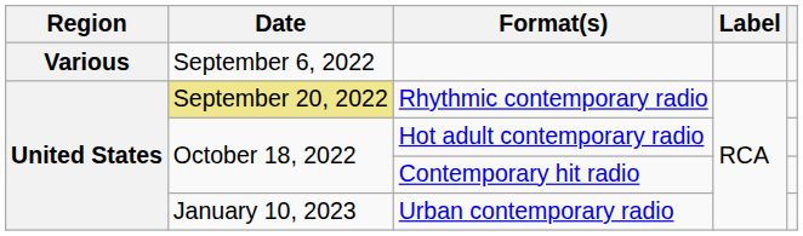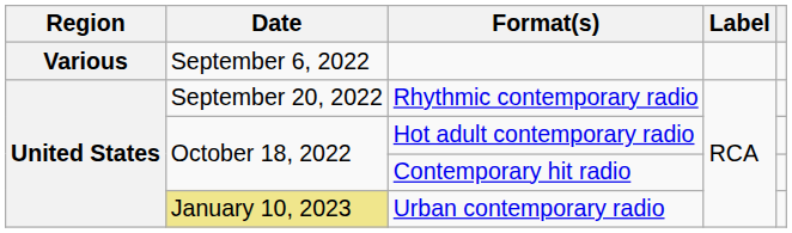 <table class="wikitable plainrowheaders">
 <tr>
 <th scope="col">Region</th>
 <th scope="col">Date</th>
 <th scope="col">Format(s)</th>
 <th scope="col">Label</th>
 <th scope="col"></th>
 </tr>
 <tr>
 <th scope="row">Various</th>
 <td>September 6, 2022</td>
 <td></td>
 <td></td>
 <td style="text-align:center;"></td>
 </tr>
 <tr>
 <th scope="row" rowspan="4">United States</th>
-<td style="background: khaki;">September 20, 2022</td>
+<td>September 20, 2022</td>
 <td><a href='#'>Rhythmic contemporary radio</a></td>
 <td rowspan="4">RCA</td>
 <td style="text-align:center;"></td>
 </tr>
 <tr>
 <td rowspan="2">October 18, 2022</td>
 <td><a href='#'>Hot adult contemporary radio</a></td>
 <td style="text-align:center;"></td>
 </tr>
 <tr>
 <td><a href='#'>Contemporary hit radio</a></td>
 <td style="text-align:center;"></td>
 </tr>
 <tr>
-<td>January 10, 2023</td>
+<td style="background: khaki;">January 10, 2023</td>
 <td><a href='#'>Urban contemporary radio</a></td>
 <td style="text-align:center;"></td>
 </tr>
 </table>
